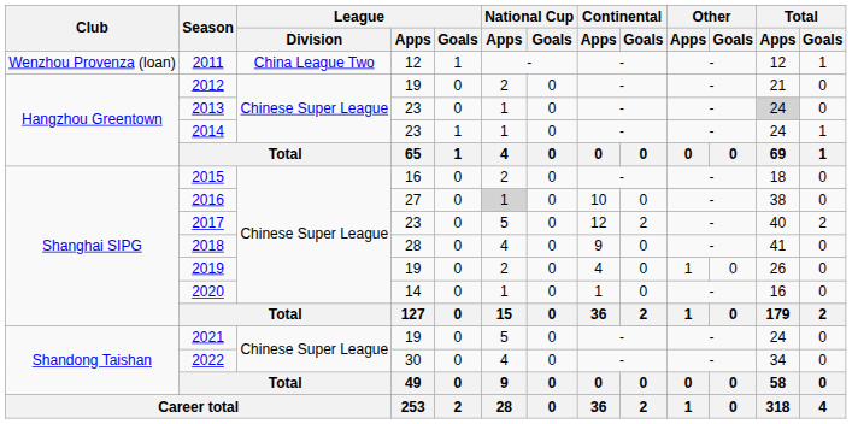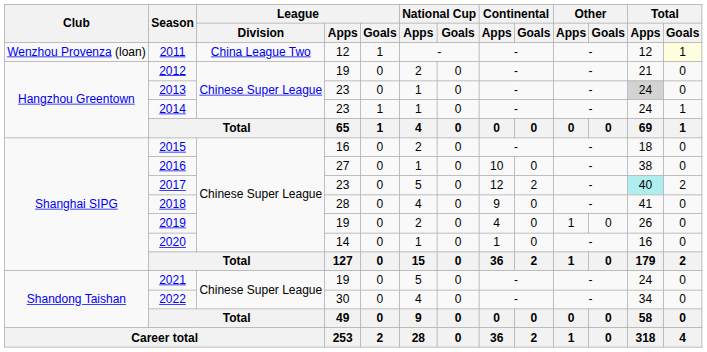 <table class="wikitable" style="text-align: center">
 <tr>
 <th rowspan="2">Club</th>
 <th rowspan="2">Season</th>
 <th colspan="3">League</th>
 <th colspan="2">National Cup</th>
 <th colspan="2">Continental</th>
 <th colspan="2">Other</th>
 <th colspan="2">Total</th>
 </tr>
 <tr>
 <th>Division</th>
 <th>Apps</th>
 <th>Goals</th>
 <th>Apps</th>
 <th>Goals</th>
 <th>Apps</th>
 <th>Goals</th>
 <th>Apps</th>
 <th>Goals</th>
 <th>Apps</th>
 <th>Goals</th>
 </tr>
 <tr>
 <td><a href='#'>Wenzhou Provenza</a> (loan)</td>
 <td><a href='#'>2011</a></td>
 <td><a href='#'>China League Two</a></td>
 <td>12</td>
 <td>1</td>
 <td colspan="2">-</td>
 <td colspan="2">-</td>
 <td colspan="2">-</td>
 <td>12</td>
-<td>1</td>
+<td style="background: lightyellow;">1</td>
 </tr>
 <tr>
 <td rowspan=4><a href='#'>Hangzhou Greentown</a></td>
 <td><a href='#'>2012</a></td>
 <td rowspan=3><a href='#'>Chinese Super League</a></td>
 <td>19</td>
 <td>0</td>
 <td>2</td>
 <td>0</td>
 <td colspan="2">-</td>
 <td colspan="2">-</td>
 <td>21</td>
 <td>0</td>
 </tr>
 <tr>
 <td><a href='#'>2013</a></td>
 <td>23</td>
 <td>0</td>
 <td>1</td>
 <td>0</td>
 <td colspan="2">-</td>
 <td colspan="2">-</td>
 <td style="background: lightgrey;">24</td>
 <td>0</td>
 </tr>
 <tr>
 <td><a href='#'>2014</a></td>
 <td>23</td>
 <td>1</td>
 <td>1</td>
 <td>0</td>
 <td colspan="2">-</td>
 <td colspan="2">-</td>
 <td>24</td>
 <td>1</td>
 </tr>
 <tr>
 <th colspan="2"><strong>Total</strong></th>
 <th>65</th>
 <th>1</th>
 <th>4</th>
 <th>0</th>
 <th>0</th>
 <th>0</th>
 <th>0</th>
 <th>0</th>
 <th>69</th>
 <th>1</th>
 </tr>
 <tr>
 <td rowspan=7><a href='#'>Shanghai SIPG</a></td>
 <td><a href='#'>2015</a></td>
 <td rowspan=6>Chinese Super League</td>
 <td>16</td>
 <td>0</td>
 <td>2</td>
 <td>0</td>
 <td colspan="2">-</td>
 <td colspan="2">-</td>
 <td>18</td>
 <td>0</td>
 </tr>
 <tr>
 <td><a href='#'>2016</a></td>
 <td>27</td>
 <td>0</td>
-<td style="background: lightgrey;">1</td>
+<td>1</td>
 <td>0</td>
 <td>10</td>
 <td>0</td>
 <td colspan="2">-</td>
 <td>38</td>
 <td>0</td>
 </tr>
 <tr>
 <td><a href='#'>2017</a></td>
 <td>23</td>
 <td>0</td>
 <td>5</td>
 <td>0</td>
 <td>12</td>
 <td>2</td>
 <td colspan="2">-</td>
-<td>40</td>
+<td style="background: paleturquoise;">40</td>
 <td>2</td>
 </tr>
 <tr>
 <td><a href='#'>2018</a></td>
 <td>28</td>
 <td>0</td>
 <td>4</td>
 <td>0</td>
 <td>9</td>
 <td>0</td>
 <td colspan="2">-</td>
 <td>41</td>
 <td>0</td>
 </tr>
 <tr>
 <td><a href='#'>2019</a></td>
 <td>19</td>
 <td>0</td>
 <td>2</td>
 <td>0</td>
 <td>4</td>
 <td>0</td>
 <td>1</td>
 <td>0</td>
 <td>26</td>
 <td>0</td>
 </tr>
 <tr>
 <td><a href='#'>2020</a></td>
 <td>14</td>
 <td>0</td>
 <td>1</td>
 <td>0</td>
 <td>1</td>
 <td>0</td>
 <td colspan="2">-</td>
 <td>16</td>
 <td>0</td>
 </tr>
 <tr>
 <th colspan="2"><strong>Total</strong></th>
 <th>127</th>
 <th>0</th>
 <th>15</th>
 <th>0</th>
 <th>36</th>
 <th>2</th>
 <th>1</th>
 <th>0</th>
 <th>179</th>
 <th>2</th>
 </tr>
 <tr>
 <td rowspan=3><a href='#'>Shandong Taishan</a></td>
 <td><a href='#'>2021</a></td>
 <td rowspan=2>Chinese Super League</td>
 <td>19</td>
 <td>0</td>
 <td>5</td>
 <td>0</td>
 <td colspan="2">-</td>
 <td colspan="2">-</td>
 <td>24</td>
 <td>0</td>
 </tr>
 <tr>
 <td><a href='#'>2022</a></td>
 <td>30</td>
 <td>0</td>
 <td>4</td>
 <td>0</td>
 <td colspan="2">-</td>
 <td colspan="2">-</td>
 <td>34</td>
 <td>0</td>
 </tr>
 <tr>
 <th colspan="2"><strong>Total</strong></th>
 <th>49</th>
 <th>0</th>
 <th>9</th>
 <th>0</th>
 <th>0</th>
 <th>0</th>
 <th>0</th>
 <th>0</th>
 <th>58</th>
 <th>0</th>
 </tr>
 <tr>
 <th colspan=3>Career total</th>
 <th>253</th>
 <th>2</th>
 <th>28</th>
 <th>0</th>
 <th>36</th>
 <th>2</th>
 <th>1</th>
 <th>0</th>
 <th>318</th>
 <th>4</th>
 </tr>
 </table>
